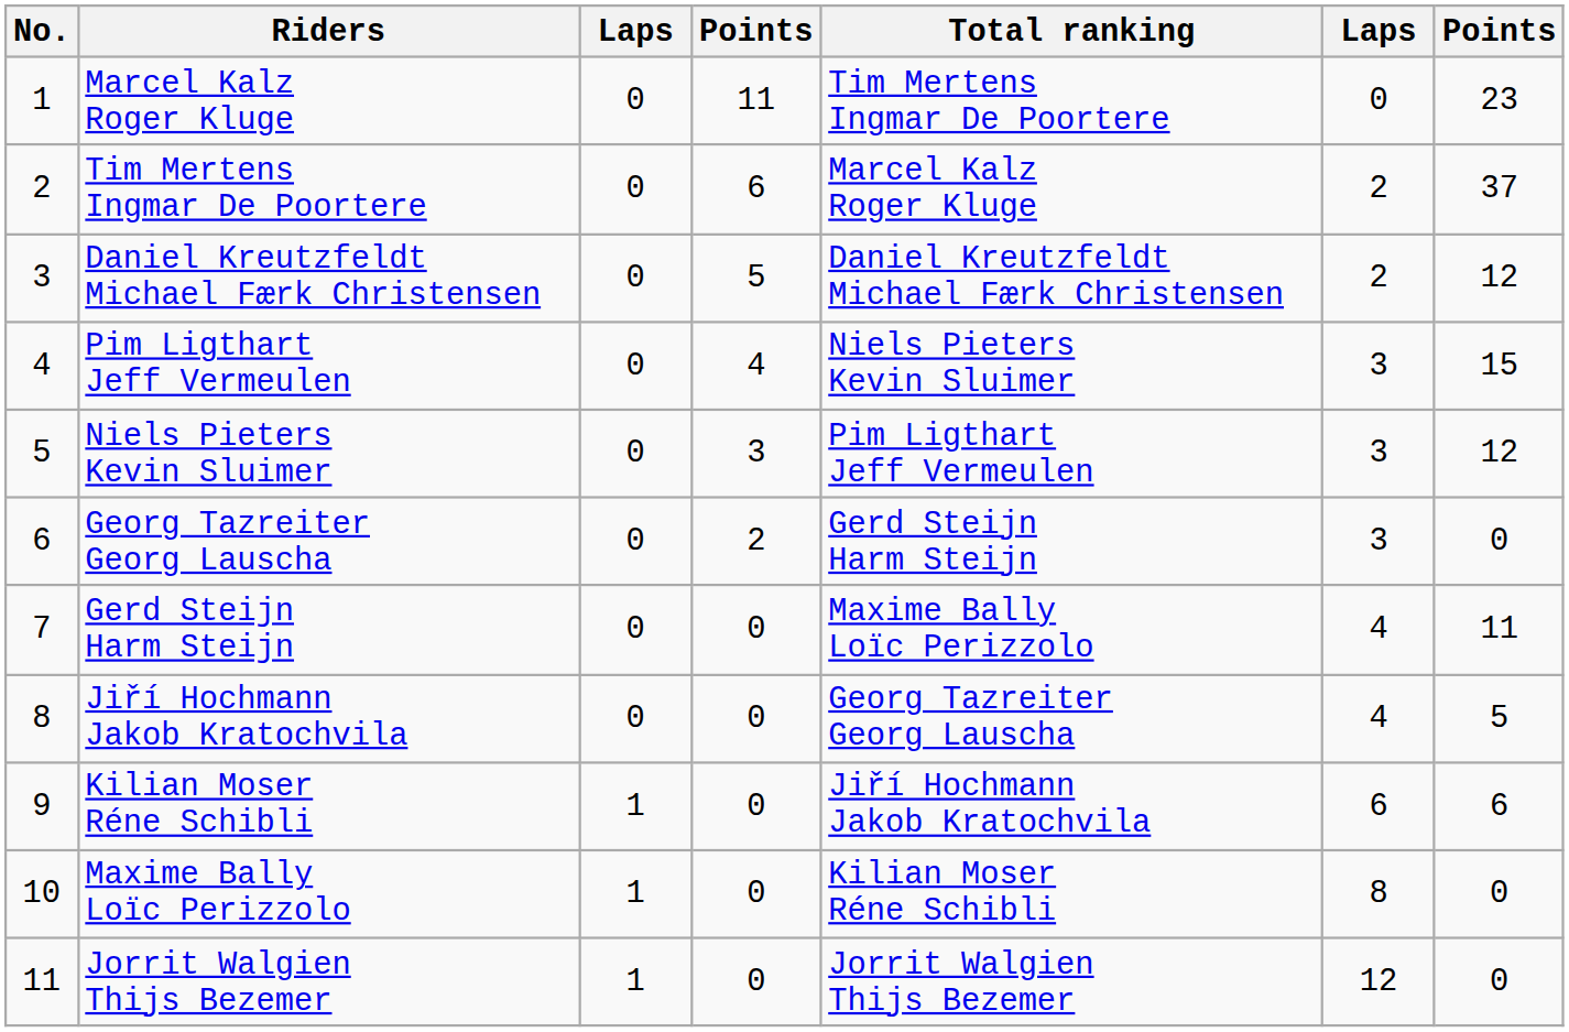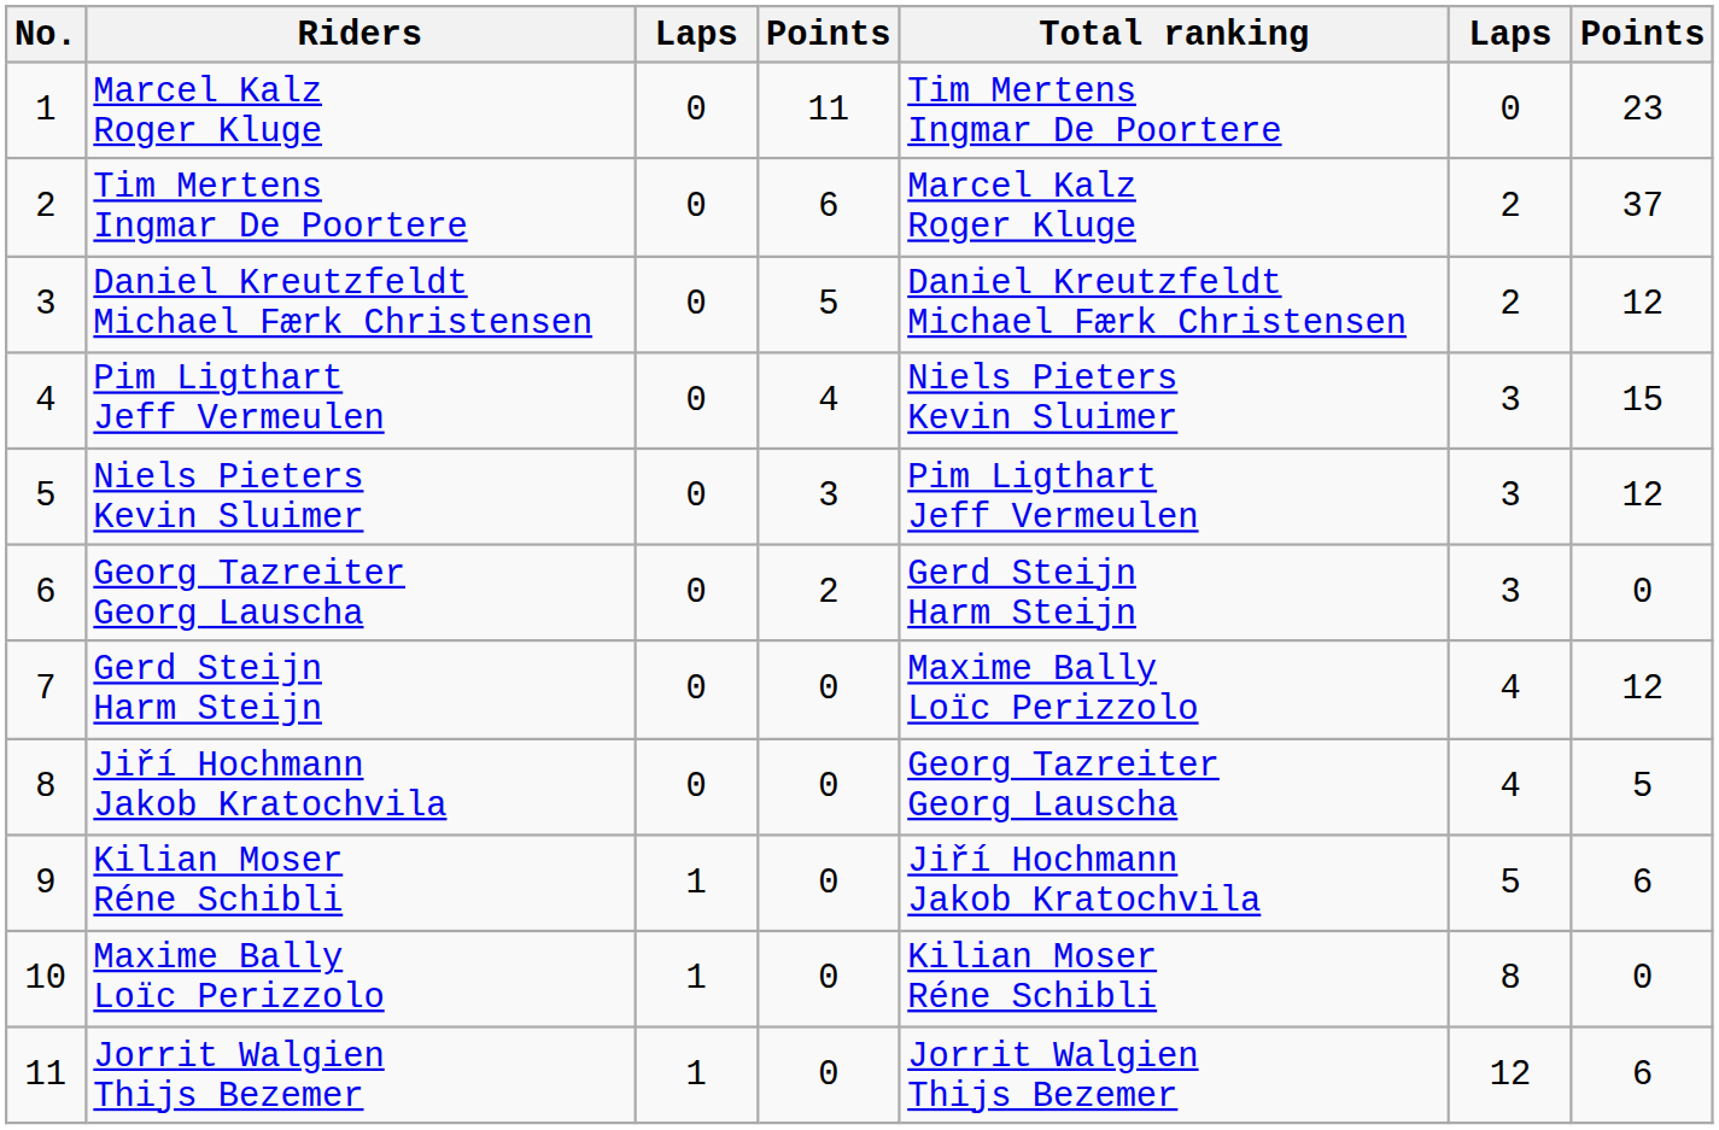 <table class="wikitable">
 <tr>
 <th width="20px">No.</th>
 <th width="200px">Riders</th>
 <th width="40px">Laps</th>
 <th width="40px">Points</th>
 <th width="200px">Total ranking</th>
 <th width="40px">Laps</th>
 <th width="40px">Points</th>
 </tr>
 <tr align=center>
 <td>1</td>
 <td align=left> <a href='#'>Marcel Kalz</a><br>  <a href='#'>Roger Kluge</a></td>
 <td>0</td>
 <td>11</td>
 <td align=left> <a href='#'>Tim Mertens</a><br>  <a href='#'>Ingmar De Poortere</a></td>
 <td>0</td>
 <td>23</td>
 </tr>
 <tr align=center>
 <td>2</td>
 <td align=left> <a href='#'>Tim Mertens</a><br>  <a href='#'>Ingmar De Poortere</a></td>
 <td>0</td>
 <td>6</td>
 <td align=left> <a href='#'>Marcel Kalz</a><br>  <a href='#'>Roger Kluge</a></td>
 <td>2</td>
 <td>37</td>
 </tr>
 <tr align=center>
 <td>3</td>
 <td align=left> <a href='#'>Daniel Kreutzfeldt</a><br>  <a href='#'>Michael Færk Christensen</a></td>
 <td>0</td>
 <td>5</td>
 <td align=left> <a href='#'>Daniel Kreutzfeldt</a><br>  <a href='#'>Michael Færk Christensen</a></td>
 <td>2</td>
 <td>12</td>
 </tr>
 <tr align=center>
 <td>4</td>
 <td align=left> <a href='#'>Pim Ligthart</a><br>  <a href='#'>Jeff Vermeulen</a></td>
 <td>0</td>
 <td>4</td>
 <td align=left> <a href='#'>Niels Pieters</a><br>  <a href='#'>Kevin Sluimer</a></td>
 <td>3</td>
 <td>15</td>
 </tr>
 <tr align=center>
 <td>5</td>
 <td align=left> <a href='#'>Niels Pieters</a><br>  <a href='#'>Kevin Sluimer</a></td>
 <td>0</td>
 <td>3</td>
 <td align=left> <a href='#'>Pim Ligthart</a><br>  <a href='#'>Jeff Vermeulen</a></td>
 <td>3</td>
 <td>12</td>
 </tr>
 <tr align=center>
 <td>6</td>
 <td align=left> <a href='#'>Georg Tazreiter</a><br>  <a href='#'>Georg Lauscha</a></td>
 <td>0</td>
 <td>2</td>
 <td align=left> <a href='#'>Gerd Steijn</a><br>  <a href='#'>Harm Steijn</a></td>
 <td>3</td>
 <td>0</td>
 </tr>
 <tr align=center>
 <td>7</td>
 <td align=left> <a href='#'>Gerd Steijn</a><br>  <a href='#'>Harm Steijn</a></td>
 <td>0</td>
 <td>0</td>
 <td align=left> <a href='#'>Maxime Bally</a><br>  <a href='#'>Loïc Perizzolo</a></td>
 <td>4</td>
-<td>11</td>
+<td>12</td>
 </tr>
 <tr align=center>
 <td>8</td>
 <td align=left> <a href='#'>Jiří Hochmann</a><br>  <a href='#'>Jakob Kratochvila</a></td>
 <td>0</td>
 <td>0</td>
 <td align=left> <a href='#'>Georg Tazreiter</a><br>  <a href='#'>Georg Lauscha</a></td>
 <td>4</td>
 <td>5</td>
 </tr>
 <tr align=center>
 <td>9</td>
 <td align=left> <a href='#'>Kilian Moser</a><br>  <a href='#'>Réne Schibli</a></td>
 <td>1</td>
 <td>0</td>
 <td align=left> <a href='#'>Jiří Hochmann</a><br>  <a href='#'>Jakob Kratochvila</a></td>
-<td>6</td>
+<td>5</td>
 <td>6</td>
 </tr>
 <tr align=center>
 <td>10</td>
 <td align=left> <a href='#'>Maxime Bally</a><br>  <a href='#'>Loïc Perizzolo</a></td>
 <td>1</td>
 <td>0</td>
 <td align=left> <a href='#'>Kilian Moser</a><br>  <a href='#'>Réne Schibli</a></td>
 <td>8</td>
 <td>0</td>
 </tr>
 <tr align=center>
 <td>11</td>
 <td align=left> <a href='#'>Jorrit Walgien</a><br>  <a href='#'>Thijs Bezemer</a></td>
 <td>1</td>
 <td>0</td>
 <td align=left> <a href='#'>Jorrit Walgien</a><br>  <a href='#'>Thijs Bezemer</a></td>
 <td>12</td>
-<td>0</td>
+<td>6</td>
 </tr>
 </table>
